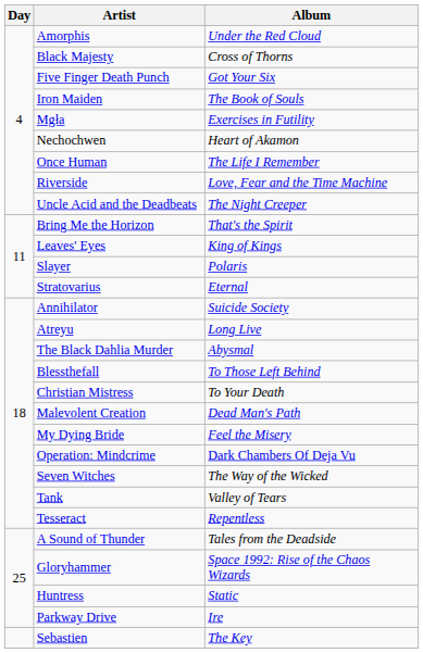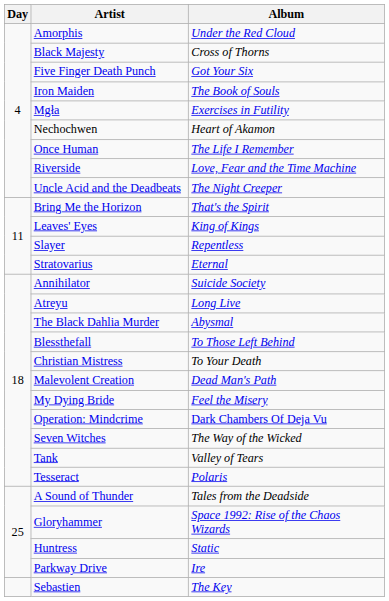 <table class="wikitable">
 <tr>
 <th style="width:20px;">Day</th>
 <th style="width:200px;">Artist</th>
 <th style="width:250px;">Album</th>
 </tr>
 <tr>
 <td rowspan="9" style="text-align:center;">4</td>
 <td><a href='#'>Amorphis</a></td>
 <td><em><a href='#'>Under the Red Cloud</a></em></td>
 </tr>
 <tr>
 <td><a href='#'>Black Majesty</a></td>
 <td><em>Cross of Thorns</em></td>
 </tr>
 <tr>
 <td><a href='#'>Five Finger Death Punch</a></td>
 <td><em><a href='#'>Got Your Six</a></em></td>
 </tr>
 <tr>
 <td><a href='#'>Iron Maiden</a></td>
 <td><em><a href='#'>The Book of Souls</a></em></td>
 </tr>
 <tr>
 <td><a href='#'>Mgła</a></td>
 <td><em><a href='#'>Exercises in Futility</a></em></td>
 </tr>
 <tr>
 <td>Nechochwen</td>
 <td><em>Heart of Akamon</em></td>
 </tr>
 <tr>
 <td><a href='#'>Once Human</a></td>
 <td><em><a href='#'>The Life I Remember</a></em></td>
 </tr>
 <tr>
 <td><a href='#'>Riverside</a></td>
 <td><em><a href='#'>Love, Fear and the Time Machine</a></em></td>
 </tr>
 <tr>
 <td><a href='#'>Uncle Acid and the Deadbeats</a></td>
 <td><em><a href='#'>The Night Creeper</a></em></td>
 </tr>
 <tr>
 <td style="text-align:center;" rowspan="4">11</td>
 <td><a href='#'>Bring Me the Horizon</a></td>
 <td><em><a href='#'>That's the Spirit</a></em></td>
 </tr>
 <tr>
 <td><a href='#'>Leaves' Eyes</a></td>
 <td><em><a href='#'>King of Kings</a></em></td>
 </tr>
 <tr>
 <td><a href='#'>Slayer</a></td>
-<td><em><a href='#'>Polaris</a></em></td>
+<td><em><a href='#'>Repentless</a></em></td>
 </tr>
 <tr>
 <td><a href='#'>Stratovarius</a></td>
 <td><em><a href='#'>Eternal</a></em></td>
 </tr>
 <tr>
 <td rowspan="11" style="text-align:center;">18</td>
 <td><a href='#'>Annihilator</a></td>
 <td><em><a href='#'>Suicide Society</a></em></td>
 </tr>
 <tr>
 <td><a href='#'>Atreyu</a></td>
 <td><em><a href='#'>Long Live</a></em></td>
 </tr>
 <tr>
 <td><a href='#'>The Black Dahlia Murder</a></td>
 <td><em><a href='#'>Abysmal</a></em></td>
 </tr>
 <tr>
 <td><a href='#'>Blessthefall</a></td>
 <td><em><a href='#'>To Those Left Behind</a></em></td>
 </tr>
 <tr>
 <td><a href='#'>Christian Mistress</a></td>
 <td><em>To Your Death</em></td>
 </tr>
 <tr>
 <td><a href='#'>Malevolent Creation</a></td>
 <td><em><a href='#'>Dead Man's Path</a></em></td>
 </tr>
 <tr>
 <td><a href='#'>My Dying Bride</a></td>
 <td><em><a href='#'>Feel the Misery</a></em></td>
 </tr>
 <tr>
 <td><a href='#'>Operation: Mindcrime</a></td>
 <td><a href='#'>Dark Chambers Of Deja Vu</a></td>
 </tr>
 <tr>
 <td><a href='#'>Seven Witches</a></td>
 <td><em>The Way of the Wicked</em></td>
 </tr>
 <tr>
 <td><a href='#'>Tank</a></td>
 <td><em>Valley of Tears</em></td>
 </tr>
 <tr>
 <td><a href='#'>Tesseract</a></td>
-<td><em><a href='#'>Repentless</a></em></td>
+<td><em><a href='#'>Polaris</a></em></td>
 </tr>
 <tr>
 <td style="text-align:center;" rowspan="4">25</td>
 <td><a href='#'>A Sound of Thunder</a></td>
 <td><em>Tales from the Deadside</em></td>
 </tr>
 <tr>
 <td><a href='#'>Gloryhammer</a></td>
 <td><em><a href='#'>Space 1992: Rise of the Chaos Wizards</a></em></td>
 </tr>
 <tr>
 <td><a href='#'>Huntress</a></td>
 <td><em><a href='#'>Static</a></em></td>
 </tr>
 <tr>
 <td><a href='#'>Parkway Drive</a></td>
 <td><em><a href='#'>Ire</a></em></td>
 </tr>
 <tr>
 <td></td>
 <td><a href='#'>Sebastien</a></td>
 <td><em><a href='#'>The Key</a></em></td>
 </tr>
 </table>
